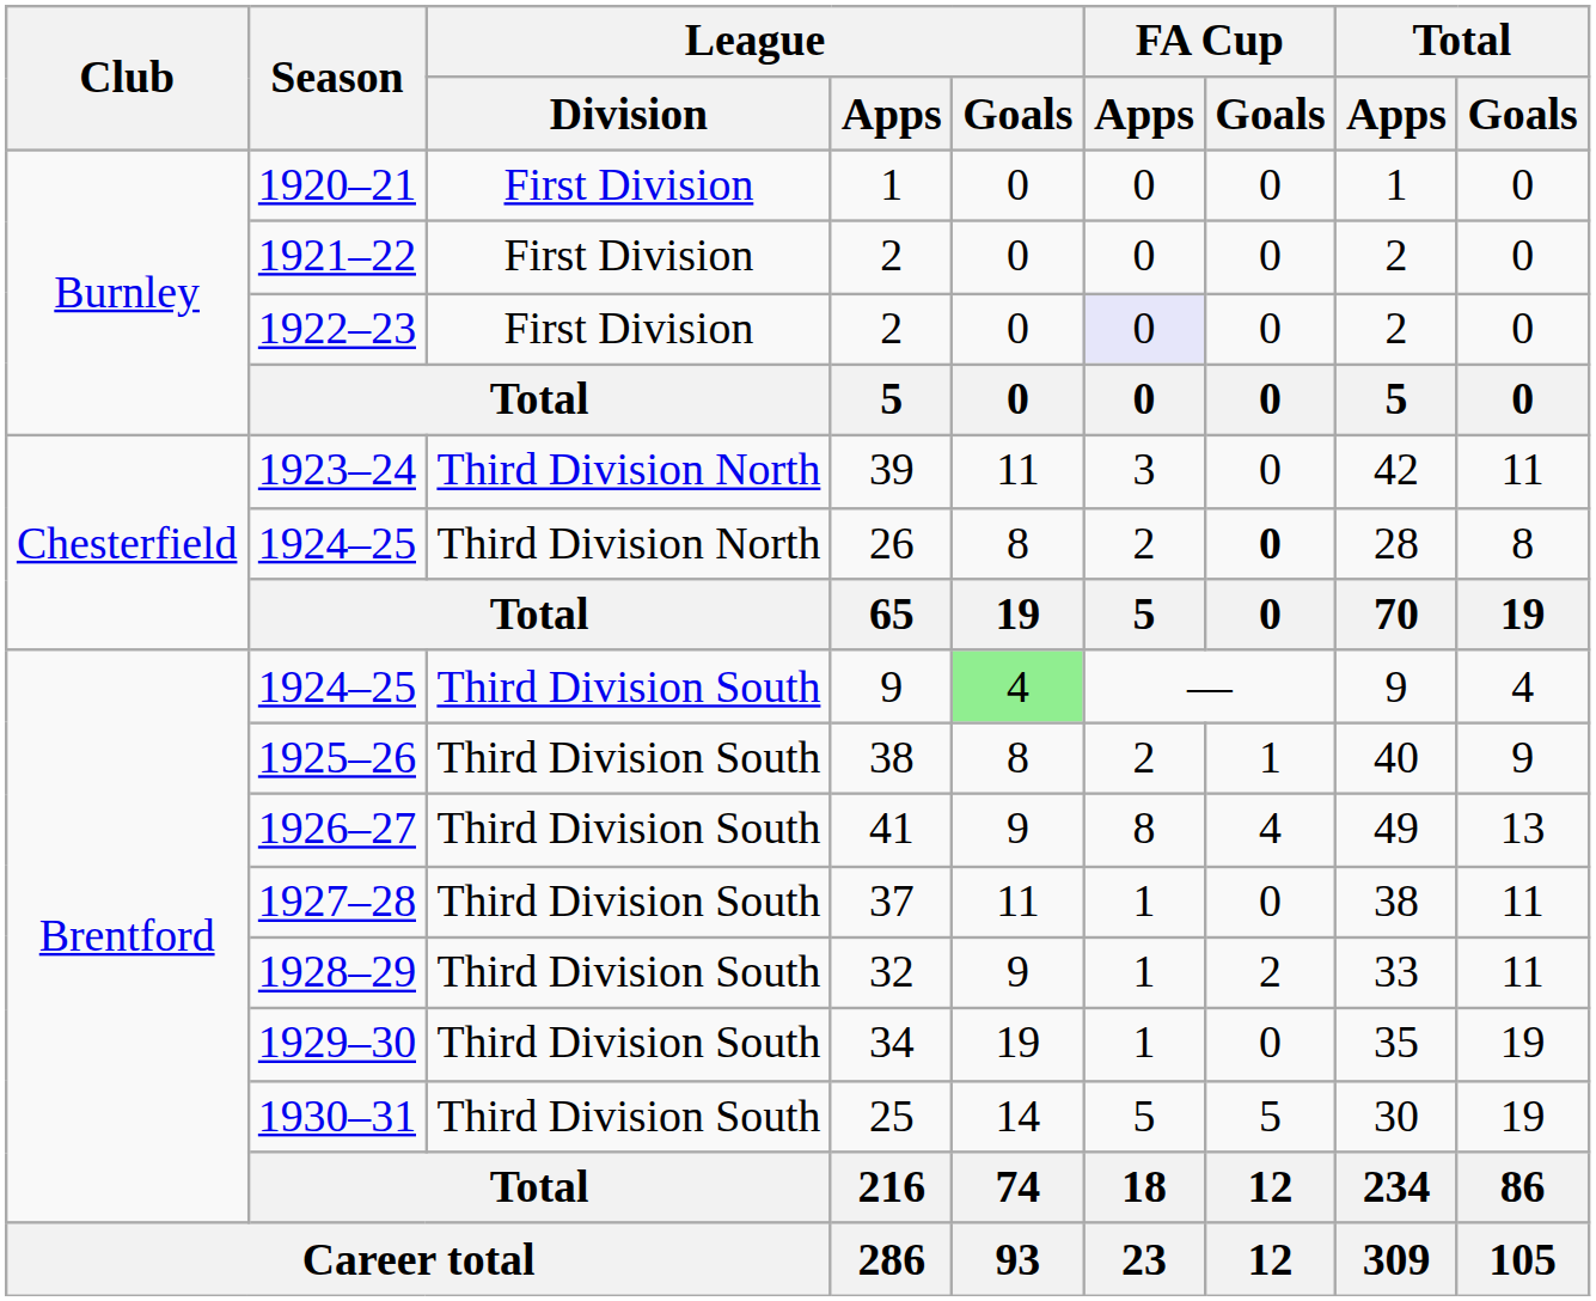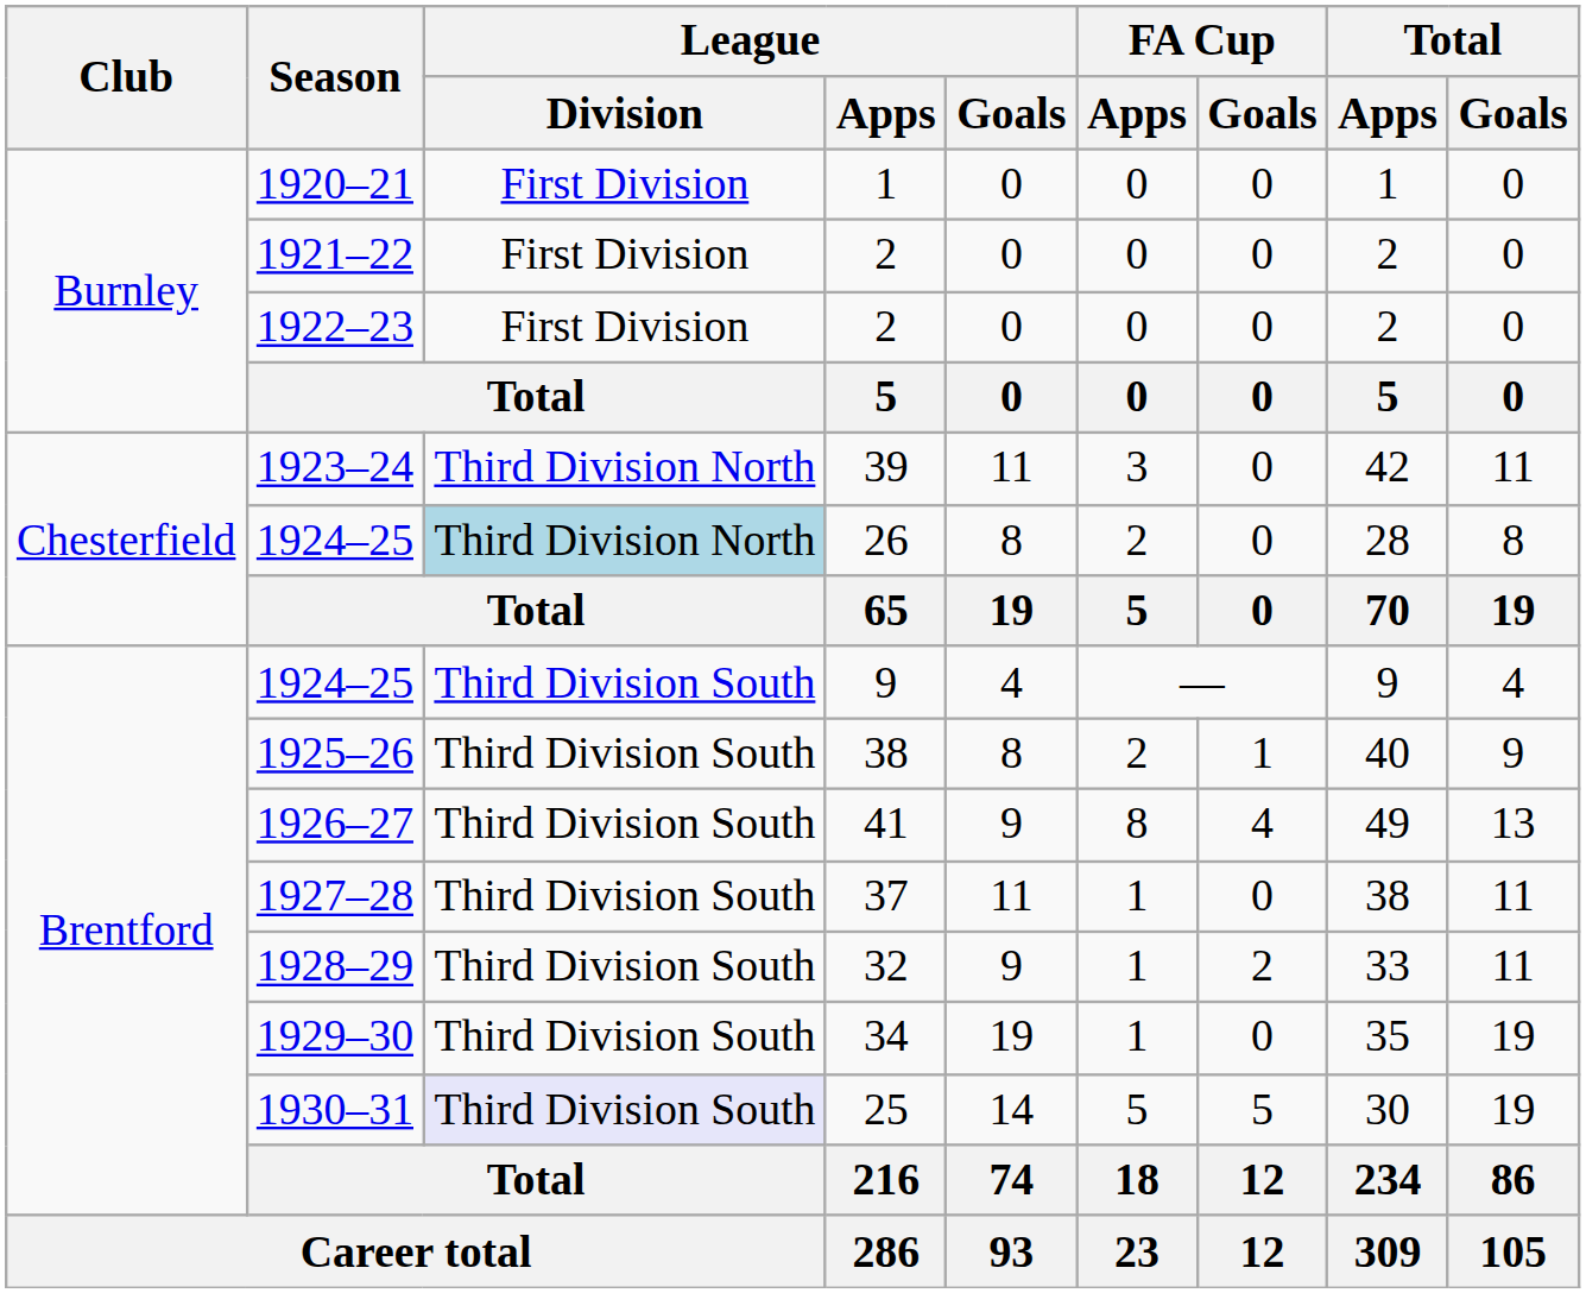 <table class="wikitable" style="text-align: center;">
 <tr>
 <th rowspan="2">Club</th>
 <th rowspan="2">Season</th>
 <th colspan="3">League</th>
 <th colspan="2">FA Cup</th>
 <th colspan="2">Total</th>
 </tr>
 <tr>
 <th>Division</th>
 <th>Apps</th>
 <th>Goals</th>
 <th>Apps</th>
 <th>Goals</th>
 <th>Apps</th>
 <th>Goals</th>
 </tr>
 <tr>
 <td rowspan="4"><a href='#'>Burnley</a></td>
 <td><a href='#'>1920–21</a></td>
 <td><a href='#'>First Division</a></td>
 <td>1</td>
 <td>0</td>
 <td>0</td>
 <td>0</td>
 <td>1</td>
 <td>0</td>
 </tr>
 <tr>
 <td><a href='#'>1921–22</a></td>
 <td>First Division</td>
 <td>2</td>
 <td>0</td>
 <td>0</td>
 <td>0</td>
 <td>2</td>
 <td>0</td>
 </tr>
 <tr>
 <td><a href='#'>1922–23</a></td>
 <td>First Division</td>
 <td>2</td>
 <td>0</td>
-<td style="background: lavender;">0</td>
+<td>0</td>
 <td>0</td>
 <td>2</td>
 <td>0</td>
 </tr>
 <tr>
 <th colspan="2">Total</th>
 <th>5</th>
 <th>0</th>
 <th>0</th>
 <th>0</th>
 <th>5</th>
 <th>0</th>
 </tr>
 <tr>
 <td rowspan="3"><a href='#'>Chesterfield</a></td>
 <td><a href='#'>1923–24</a></td>
 <td><a href='#'>Third Division North</a></td>
 <td>39</td>
 <td>11</td>
 <td>3</td>
 <td>0</td>
 <td>42</td>
 <td>11</td>
 </tr>
 <tr>
 <td><a href='#'>1924–25</a></td>
-<td>Third Division North</td>
+<td style="background: lightblue;">Third Division North</td>
 <td>26</td>
 <td>8</td>
 <td>2</td>
-<td><strong>0</strong></td>
+<td>0</td>
 <td>28</td>
 <td>8</td>
 </tr>
 <tr>
 <th colspan="2">Total</th>
 <th>65</th>
 <th>19</th>
 <th>5</th>
 <th>0</th>
 <th>70</th>
 <th>19</th>
 </tr>
 <tr>
 <td rowspan="8"><a href='#'>Brentford</a></td>
 <td><a href='#'>1924–25</a></td>
 <td><a href='#'>Third Division South</a></td>
 <td>9</td>
-<td style="background: lightgreen;">4</td>
+<td>4</td>
 <td colspan="2">—</td>
 <td>9</td>
 <td>4</td>
 </tr>
 <tr>
 <td><a href='#'>1925–26</a></td>
 <td>Third Division South</td>
 <td>38</td>
 <td>8</td>
 <td>2</td>
 <td>1</td>
 <td>40</td>
 <td>9</td>
 </tr>
 <tr>
 <td><a href='#'>1926–27</a></td>
 <td>Third Division South</td>
 <td>41</td>
 <td>9</td>
 <td>8</td>
 <td>4</td>
 <td>49</td>
 <td>13</td>
 </tr>
 <tr>
 <td><a href='#'>1927–28</a></td>
 <td>Third Division South</td>
 <td>37</td>
 <td>11</td>
 <td>1</td>
 <td>0</td>
 <td>38</td>
 <td>11</td>
 </tr>
 <tr>
 <td><a href='#'>1928–29</a></td>
 <td>Third Division South</td>
 <td>32</td>
 <td>9</td>
 <td>1</td>
 <td>2</td>
 <td>33</td>
 <td>11</td>
 </tr>
 <tr>
 <td><a href='#'>1929–30</a></td>
 <td>Third Division South</td>
 <td>34</td>
 <td>19</td>
 <td>1</td>
 <td>0</td>
 <td>35</td>
 <td>19</td>
 </tr>
 <tr>
 <td><a href='#'>1930–31</a></td>
-<td>Third Division South</td>
+<td style="background: lavender;">Third Division South</td>
 <td>25</td>
 <td>14</td>
 <td>5</td>
 <td>5</td>
 <td>30</td>
 <td>19</td>
 </tr>
 <tr>
 <th colspan="2">Total</th>
 <th>216</th>
 <th>74</th>
 <th>18</th>
 <th>12</th>
 <th>234</th>
 <th>86</th>
 </tr>
 <tr>
 <th colspan="3">Career total</th>
 <th>286</th>
 <th>93</th>
 <th>23</th>
 <th>12</th>
 <th>309</th>
 <th>105</th>
 </tr>
 </table>
